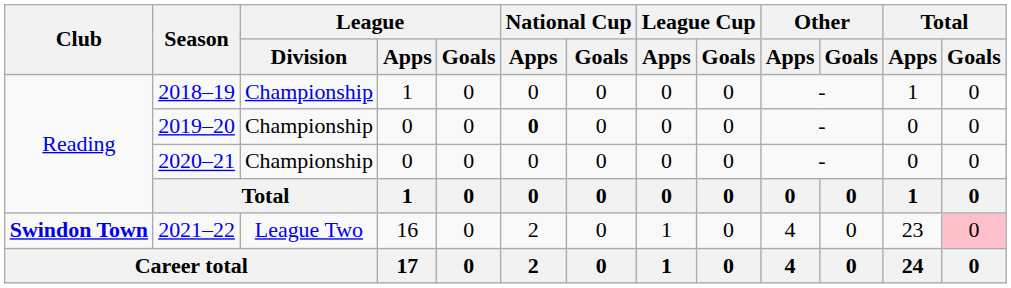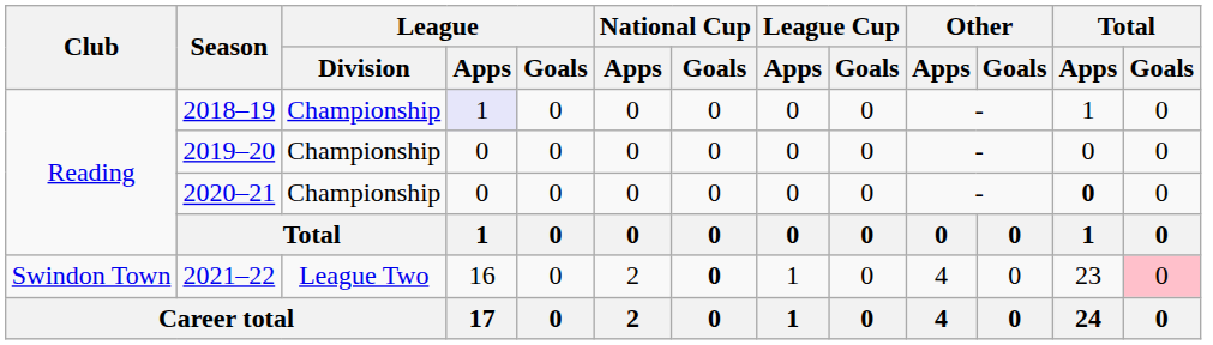 <table class="wikitable" style="text-align: center;">
 <tr>
 <th rowspan="2">Club</th>
 <th rowspan="2">Season</th>
 <th colspan="3">League</th>
 <th colspan="2">National Cup</th>
 <th colspan="2">League Cup</th>
 <th colspan="2">Other</th>
 <th colspan="2">Total</th>
 </tr>
 <tr>
 <th>Division</th>
 <th>Apps</th>
 <th>Goals</th>
 <th>Apps</th>
 <th>Goals</th>
 <th>Apps</th>
 <th>Goals</th>
 <th>Apps</th>
 <th>Goals</th>
 <th>Apps</th>
 <th>Goals</th>
 </tr>
 <tr>
 <td rowspan="4" valign="center"><a href='#'>Reading</a></td>
 <td><a href='#'>2018–19</a></td>
 <td><a href='#'>Championship</a></td>
-<td>1</td>
+<td style="background: lavender;">1</td>
 <td>0</td>
 <td>0</td>
 <td>0</td>
 <td>0</td>
 <td>0</td>
 <td colspan="2">-</td>
 <td>1</td>
 <td>0</td>
 </tr>
 <tr>
 <td><a href='#'>2019–20</a></td>
 <td>Championship</td>
 <td>0</td>
 <td>0</td>
-<td><strong>0</strong></td>
+<td>0</td>
 <td>0</td>
 <td>0</td>
 <td>0</td>
 <td colspan="2">-</td>
 <td>0</td>
 <td>0</td>
 </tr>
 <tr>
 <td><a href='#'>2020–21</a></td>
 <td>Championship</td>
 <td>0</td>
 <td>0</td>
 <td>0</td>
 <td>0</td>
 <td>0</td>
 <td>0</td>
 <td colspan="2">-</td>
-<td>0</td>
+<td><strong>0</strong></td>
 <td>0</td>
 </tr>
 <tr>
 <th colspan="2">Total</th>
 <th>1</th>
 <th>0</th>
 <th>0</th>
 <th>0</th>
 <th>0</th>
 <th>0</th>
 <th>0</th>
 <th>0</th>
 <th>1</th>
 <th>0</th>
 </tr>
 <tr>
-<td><strong><a href='#'>Swindon Town</a></strong></td>
+<td><a href='#'>Swindon Town</a></td>
 <td><a href='#'>2021–22</a></td>
 <td><a href='#'>League Two</a></td>
 <td>16</td>
 <td>0</td>
 <td>2</td>
-<td>0</td>
+<td><strong>0</strong></td>
 <td>1</td>
 <td>0</td>
 <td>4</td>
 <td>0</td>
 <td>23</td>
 <td style="background: pink;">0</td>
 </tr>
 <tr>
 <th colspan="3">Career total</th>
 <th>17</th>
 <th>0</th>
 <th>2</th>
 <th>0</th>
 <th>1</th>
 <th>0</th>
 <th>4</th>
 <th>0</th>
 <th>24</th>
 <th>0</th>
 </tr>
 </table>
